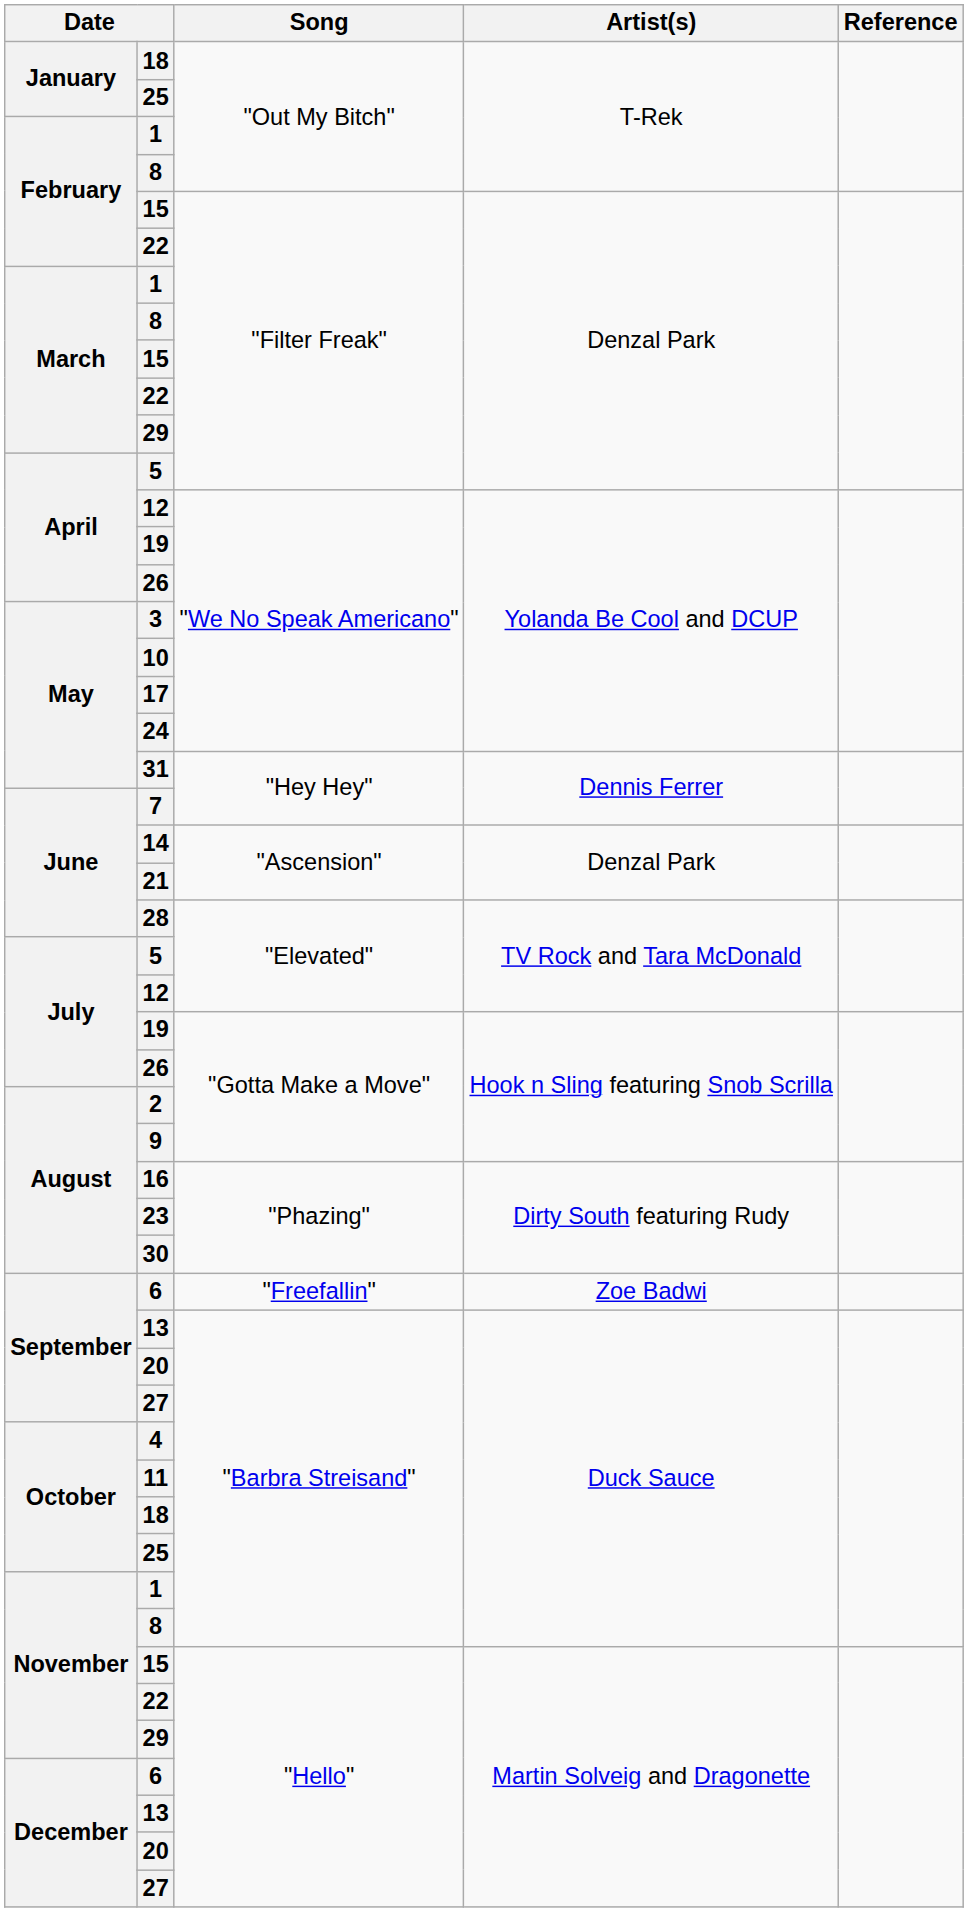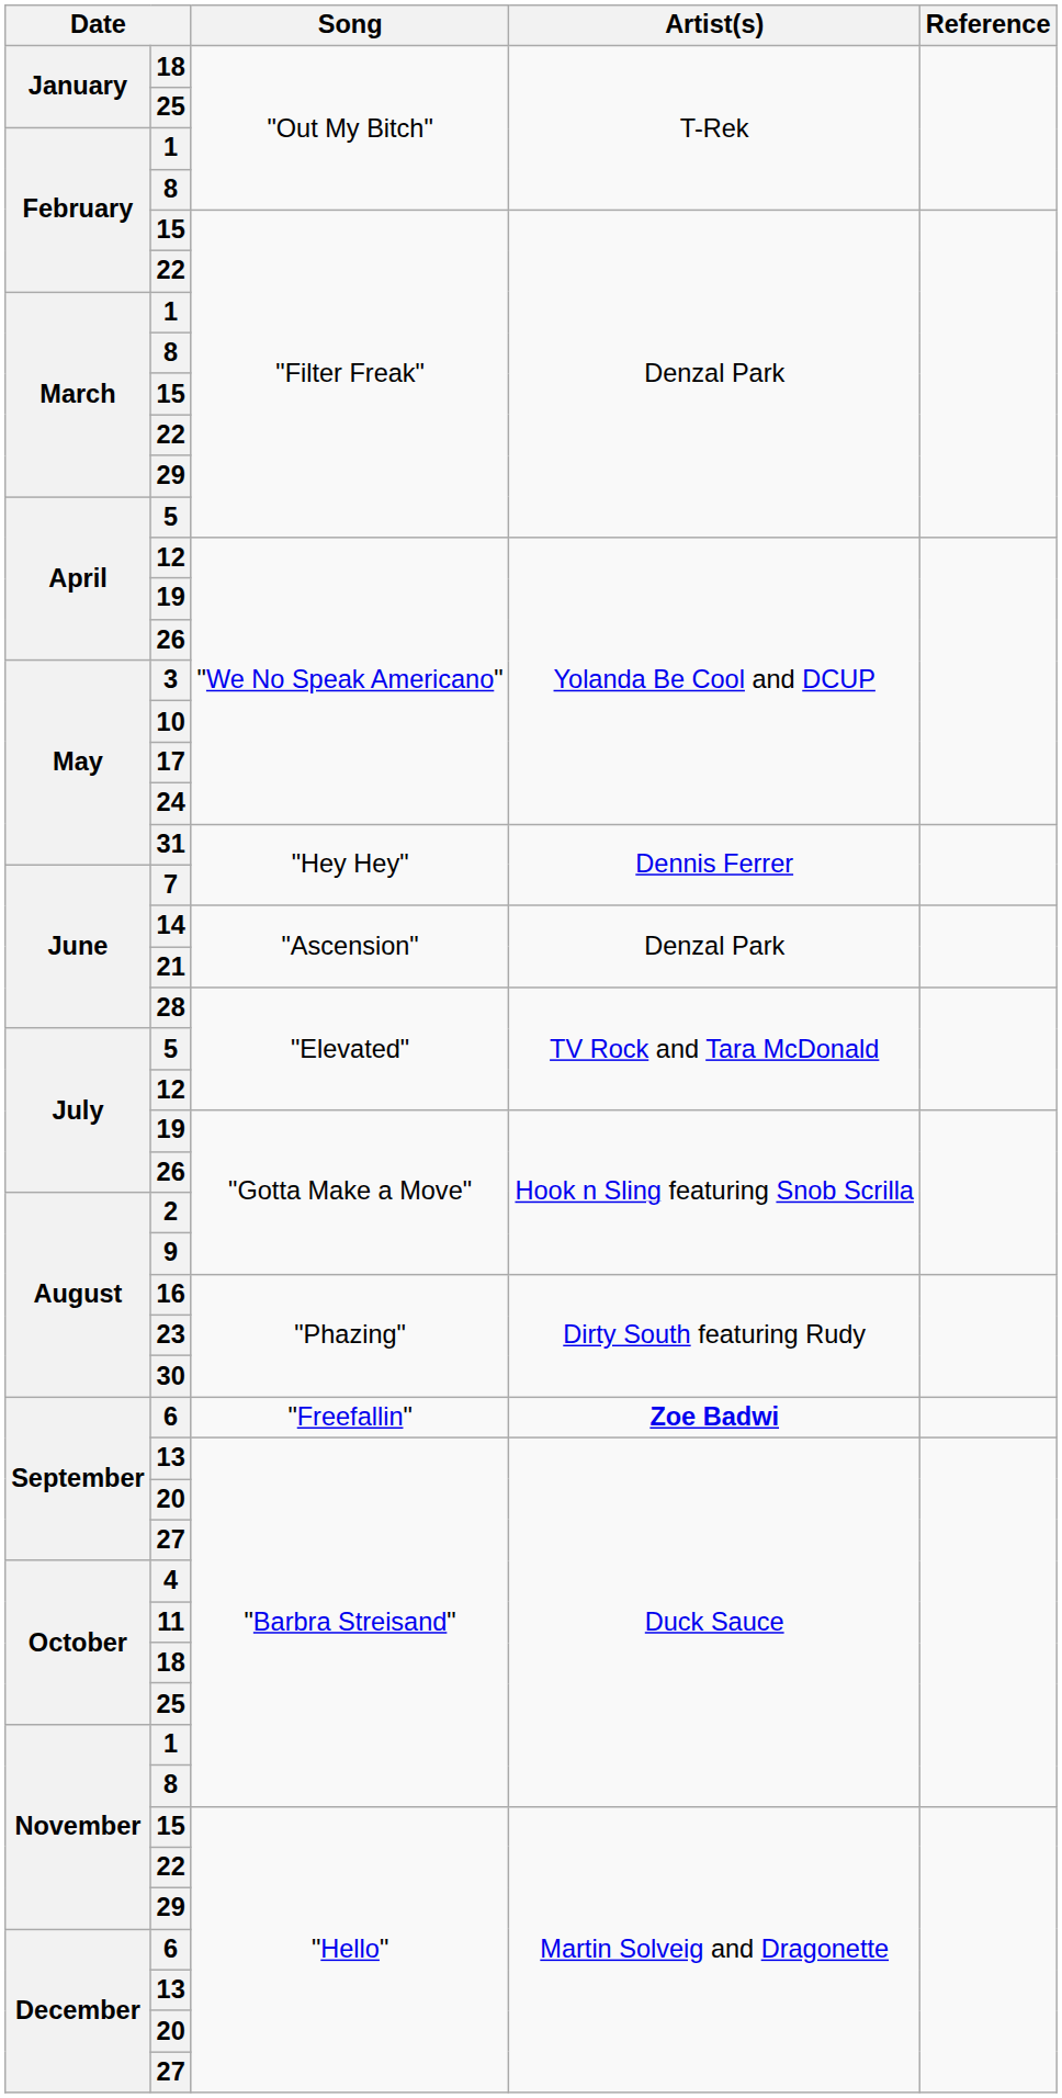 <table class="wikitable">
 <tr>
 <th colspan="2">Date</th>
 <th>Song</th>
 <th>Artist(s)</th>
 <th>Reference</th>
 </tr>
 <tr>
 <th rowspan="2">January</th>
 <th>18</th>
 <td rowspan="4" align="center">"Out My Bitch"</td>
 <td rowspan="4" align="center">T-Rek</td>
 <td rowspan="4" align="center"></td>
 </tr>
 <tr>
 <th>25</th>
 </tr>
 <tr>
 <th rowspan="4">February</th>
 <th>1</th>
 </tr>
 <tr>
 <th>8</th>
 </tr>
 <tr>
 <th>15</th>
 <td rowspan="8" align="center">"Filter Freak"</td>
 <td rowspan="8" align="center">Denzal Park</td>
 <td rowspan="8" align="center"></td>
 </tr>
 <tr>
 <th>22</th>
 </tr>
 <tr>
 <th rowspan="5">March</th>
 <th>1</th>
 </tr>
 <tr>
 <th>8</th>
 </tr>
 <tr>
 <th>15</th>
 </tr>
 <tr>
 <th>22</th>
 </tr>
 <tr>
 <th>29</th>
 </tr>
 <tr>
 <th rowspan="4">April</th>
 <th>5</th>
 </tr>
 <tr>
 <th>12</th>
 <td rowspan="7" align="center">"<a href='#'>We No Speak Americano</a>"</td>
 <td rowspan="7" align="center"><a href='#'>Yolanda Be Cool</a> and <a href='#'>DCUP</a></td>
 <td rowspan="7" align="center"></td>
 </tr>
 <tr>
 <th>19</th>
 </tr>
 <tr>
 <th>26</th>
 </tr>
 <tr>
 <th rowspan="5">May</th>
 <th>3</th>
 </tr>
 <tr>
 <th>10</th>
 </tr>
 <tr>
 <th>17</th>
 </tr>
 <tr>
 <th>24</th>
 </tr>
 <tr>
 <th>31</th>
 <td rowspan="2" align="center">"Hey Hey"</td>
 <td rowspan="2" align="center"><a href='#'>Dennis Ferrer</a></td>
 <td rowspan="2" align="center"></td>
 </tr>
 <tr>
 <th rowspan="4">June</th>
 <th>7</th>
 </tr>
 <tr>
 <th>14</th>
 <td rowspan="2" align="center">"Ascension"</td>
 <td rowspan="2" align="center">Denzal Park</td>
 <td rowspan="2" align="center"></td>
 </tr>
 <tr>
 <th>21</th>
 </tr>
 <tr>
 <th>28</th>
 <td rowspan="3" align="center">"Elevated"</td>
 <td rowspan="3" align="center"><a href='#'>TV Rock</a> and <a href='#'>Tara McDonald</a></td>
 <td rowspan="3" align="center"></td>
 </tr>
 <tr>
 <th rowspan="4">July</th>
 <th>5</th>
 </tr>
 <tr>
 <th>12</th>
 </tr>
 <tr>
 <th>19</th>
 <td rowspan="4" align="center">"Gotta Make a Move"</td>
 <td rowspan="4" align="center"><a href='#'>Hook n Sling</a> featuring <a href='#'>Snob Scrilla</a></td>
 <td rowspan="4" align="center"></td>
 </tr>
 <tr>
 <th>26</th>
 </tr>
 <tr>
 <th rowspan="5">August</th>
 <th>2</th>
 </tr>
 <tr>
 <th>9</th>
 </tr>
 <tr>
 <th>16</th>
 <td rowspan="3" align="center">"Phazing"</td>
 <td rowspan="3" align="center"><a href='#'>Dirty South</a> featuring Rudy</td>
 <td rowspan="3" align="center"></td>
 </tr>
 <tr>
 <th>23</th>
 </tr>
 <tr>
 <th>30</th>
 </tr>
 <tr>
 <th rowspan="4">September</th>
 <th>6</th>
 <td rowspan="1" align="center">"<a href='#'>Freefallin</a>"</td>
-<td rowspan="1" align="center"><a href='#'>Zoe Badwi</a></td>
+<td rowspan="1" align="center"><strong><a href='#'>Zoe Badwi</a></strong></td>
 <td rowspan="1" align="center"></td>
 </tr>
 <tr>
 <th>13</th>
 <td rowspan="9" align="center">"<a href='#'>Barbra Streisand</a>"</td>
 <td rowspan="9" align="center"><a href='#'>Duck Sauce</a></td>
 <td rowspan="9" align="center"></td>
 </tr>
 <tr>
 <th>20</th>
 </tr>
 <tr>
 <th>27</th>
 </tr>
 <tr>
 <th rowspan="4">October</th>
 <th>4</th>
 </tr>
 <tr>
 <th>11</th>
 </tr>
 <tr>
 <th>18</th>
 </tr>
 <tr>
 <th>25</th>
 </tr>
 <tr>
 <th rowspan="5">November</th>
 <th>1</th>
 </tr>
 <tr>
 <th>8</th>
 </tr>
 <tr>
 <th>15</th>
 <td rowspan="7" align="center">"<a href='#'>Hello</a>"</td>
 <td rowspan="7" align="center"><a href='#'>Martin Solveig</a> and <a href='#'>Dragonette</a></td>
 <td rowspan="7" align="center"></td>
 </tr>
 <tr>
 <th>22</th>
 </tr>
 <tr>
 <th>29</th>
 </tr>
 <tr>
 <th rowspan="4">December</th>
 <th>6</th>
 </tr>
 <tr>
 <th>13</th>
 </tr>
 <tr>
 <th>20</th>
 </tr>
 <tr>
 <th>27</th>
 </tr>
 </table>
